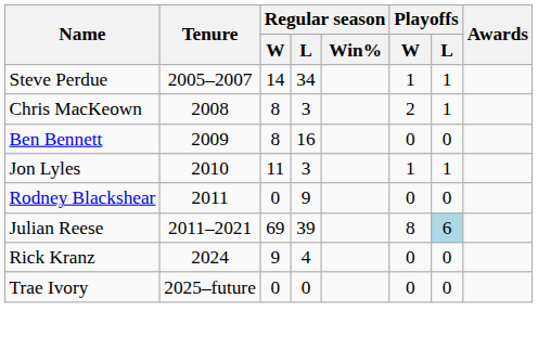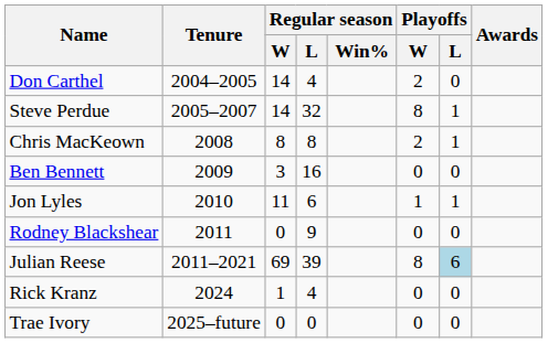 <table class="wikitable">
 <tr>
 <th rowspan="2">Name</th>
 <th rowspan="2">Tenure</th>
 <th colspan="3">Regular season</th>
 <th colspan="2">Playoffs</th>
 <th rowspan="2">Awards</th>
 </tr>
 <tr>
 <th rowspan="1">W</th>
 <th rowspan="1">L</th>
 <th rowspan="1">Win%</th>
 <th rowspan="1">W</th>
 <th rowspan="1">L</th>
 </tr>
 <tr>
+<td><a href='#'>Don Carthel</a></td>
+<td style="text-align:center;">2004–2005</td>
+<td style="text-align:center;">14</td>
+<td style="text-align:center;">4</td>
+<td style="text-align:center;"></td>
+<td style="text-align:center;">2</td>
+<td style="text-align:center;">0</td>
+<td></td>
+</tr>
+<tr>
 <td>Steve Perdue</td>
 <td style="text-align:center;">2005–2007</td>
 <td style="text-align:center;">14</td>
-<td style="text-align:center;">34</td>
+<td style="text-align:center;">32</td>
 <td style="text-align:center;"></td>
-<td style="text-align:center;">1</td>
+<td style="text-align:center;">8</td>
 <td style="text-align:center;">1</td>
 <td></td>
 </tr>
 <tr>
 <td>Chris MacKeown</td>
 <td style="text-align:center;">2008</td>
 <td style="text-align:center;">8</td>
-<td style="text-align:center;">3</td>
+<td style="text-align:center;">8</td>
 <td style="text-align:center;"></td>
 <td style="text-align:center;">2</td>
 <td style="text-align:center;">1</td>
 <td></td>
 </tr>
 <tr>
 <td><a href='#'>Ben Bennett</a></td>
 <td style="text-align:center;">2009</td>
-<td style="text-align:center;">8</td>
+<td style="text-align:center;">3</td>
 <td style="text-align:center;">16</td>
 <td style="text-align:center;"></td>
 <td style="text-align:center;">0</td>
 <td style="text-align:center;">0</td>
 <td></td>
 </tr>
 <tr>
 <td>Jon Lyles</td>
 <td style="text-align:center;">2010</td>
 <td style="text-align:center;">11</td>
-<td style="text-align:center;">3</td>
+<td style="text-align:center;">6</td>
 <td style="text-align:center;"></td>
 <td style="text-align:center;">1</td>
 <td style="text-align:center;">1</td>
 <td></td>
 </tr>
 <tr>
 <td><a href='#'>Rodney Blackshear</a></td>
 <td style="text-align:center;">2011</td>
 <td style="text-align:center;">0</td>
 <td style="text-align:center;">9</td>
 <td style="text-align:center;"></td>
 <td style="text-align:center;">0</td>
 <td style="text-align:center;">0</td>
 <td></td>
 </tr>
 <tr>
 <td>Julian Reese</td>
 <td style="text-align:center;">2011–2021</td>
 <td style="text-align:center;">69</td>
 <td style="text-align:center;">39</td>
 <td style="text-align:center;"></td>
 <td style="text-align:center;">8</td>
 <td style="background: lightblue; text-align:center;">6</td>
 <td></td>
 </tr>
 <tr>
 <td>Rick Kranz</td>
 <td style="text-align:center;">2024</td>
-<td style="text-align:center;">9</td>
+<td style="text-align:center;">1</td>
 <td style="text-align:center;">4</td>
 <td style="text-align:center;"></td>
 <td style="text-align:center;">0</td>
 <td style="text-align:center;">0</td>
 <td></td>
 </tr>
 <tr>
 <td>Trae Ivory</td>
 <td style="text-align:center;">2025–future</td>
 <td style="text-align:center;">0</td>
 <td style="text-align:center;">0</td>
 <td style="text-align:center;"></td>
 <td style="text-align:center;">0</td>
 <td style="text-align:center;">0</td>
 <td></td>
 </tr>
 </table>
